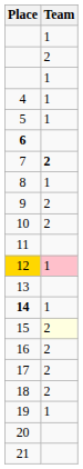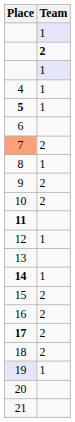 <table class="wikitable">
 <tr>
 <th>Place</th>
 <th>Team</th>
 </tr>
 <tr>
 <td align=center></td>
-<td> 1</td>
+<td style="background: lavender;"> 1</td>
 </tr>
 <tr>
 <td align=center></td>
-<td> 2</td>
+<td><strong> 2</strong></td>
 </tr>
 <tr>
 <td align=center></td>
-<td> 1</td>
+<td style="background: lavender;"> 1</td>
 </tr>
 <tr>
 <td align=center>4</td>
 <td> 1</td>
 </tr>
 <tr>
-<td align=center>5</td>
+<td align=center><strong>5</strong></td>
 <td> 1</td>
 </tr>
 <tr>
-<td align=center><strong>6</strong></td>
+<td align=center>6</td>
 <td></td>
 </tr>
 <tr>
-<td align=center>7</td>
-<td><strong> 2</strong></td>
+<td align=center style="background: lightsalmon;">7</td>
+<td> 2</td>
 </tr>
 <tr>
 <td align=center>8</td>
 <td> 1</td>
 </tr>
 <tr>
 <td align=center>9</td>
 <td> 2</td>
 </tr>
 <tr>
 <td align=center>10</td>
 <td> 2</td>
 </tr>
 <tr>
-<td align=center>11</td>
+<td align=center><strong>11</strong></td>
 <td></td>
 </tr>
 <tr>
-<td align=center style="background: gold;">12</td>
-<td style="background: pink;"> 1</td>
+<td align=center>12</td>
+<td> 1</td>
 </tr>
 <tr>
 <td align=center>13</td>
 <td></td>
 </tr>
 <tr>
 <td align=center><strong>14</strong></td>
 <td> 1</td>
 </tr>
 <tr>
 <td align=center>15</td>
-<td style="background: lightyellow;"> 2</td>
+<td> 2</td>
 </tr>
 <tr>
 <td align=center>16</td>
 <td> 2</td>
 </tr>
 <tr>
-<td align=center>17</td>
+<td align=center><strong>17</strong></td>
 <td> 2</td>
 </tr>
 <tr>
 <td align=center>18</td>
 <td> 2</td>
 </tr>
 <tr>
-<td align=center>19</td>
+<td align=center style="background: lavender;">19</td>
 <td> 1</td>
 </tr>
 <tr>
 <td align=center>20</td>
 <td></td>
 </tr>
 <tr>
 <td align=center>21</td>
 <td></td>
 </tr>
 </table>
